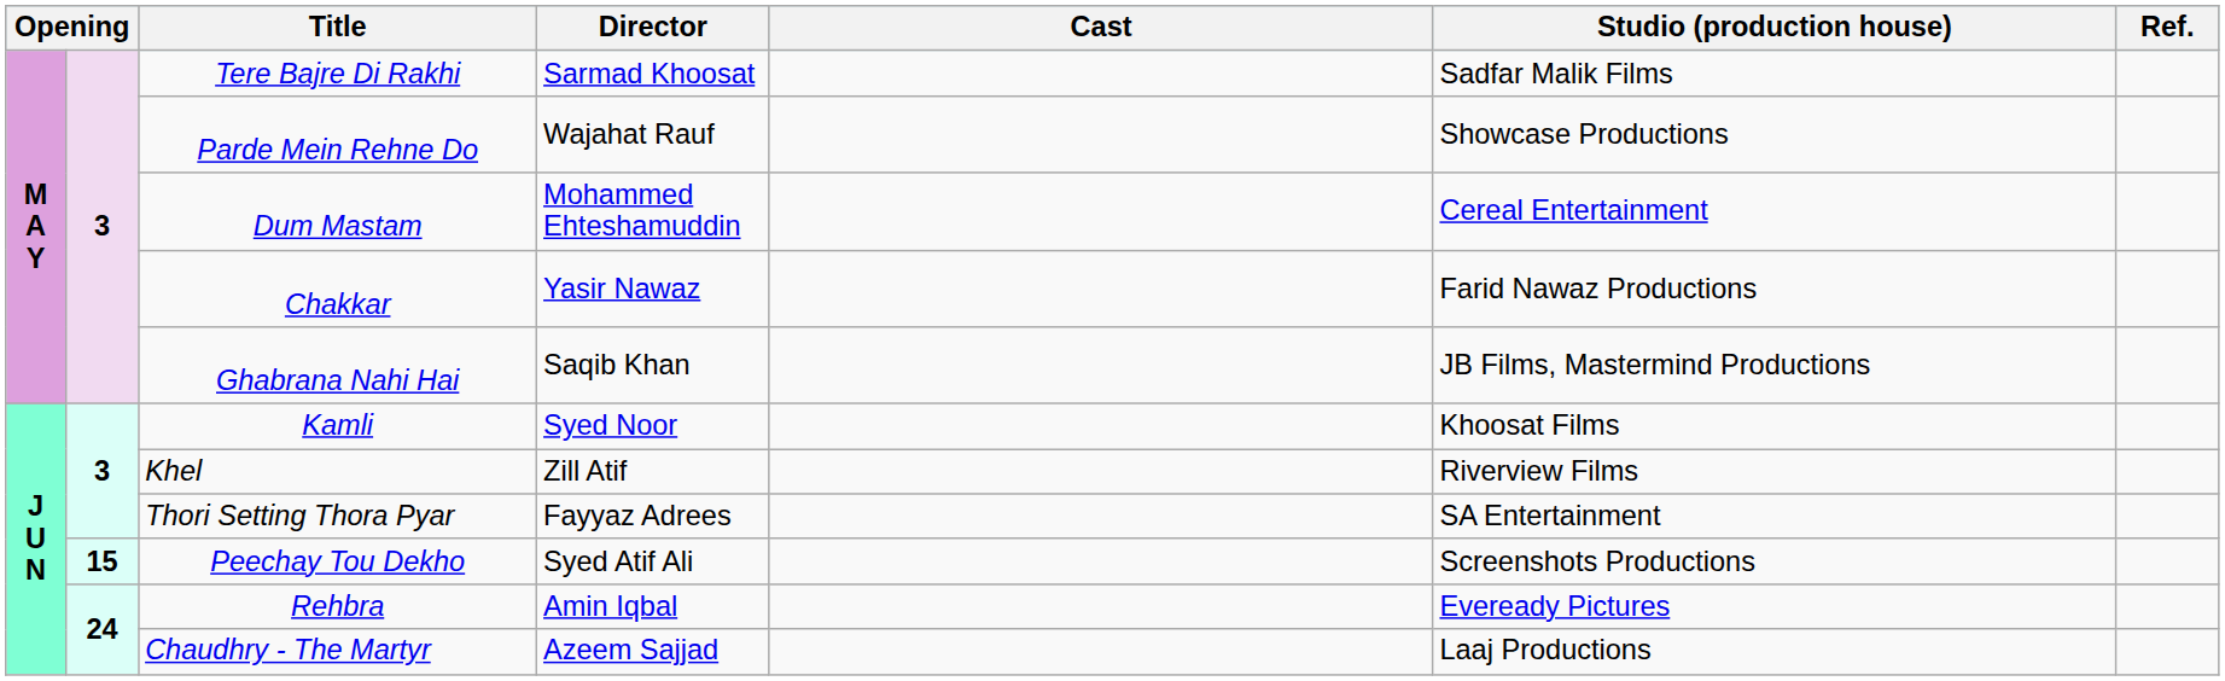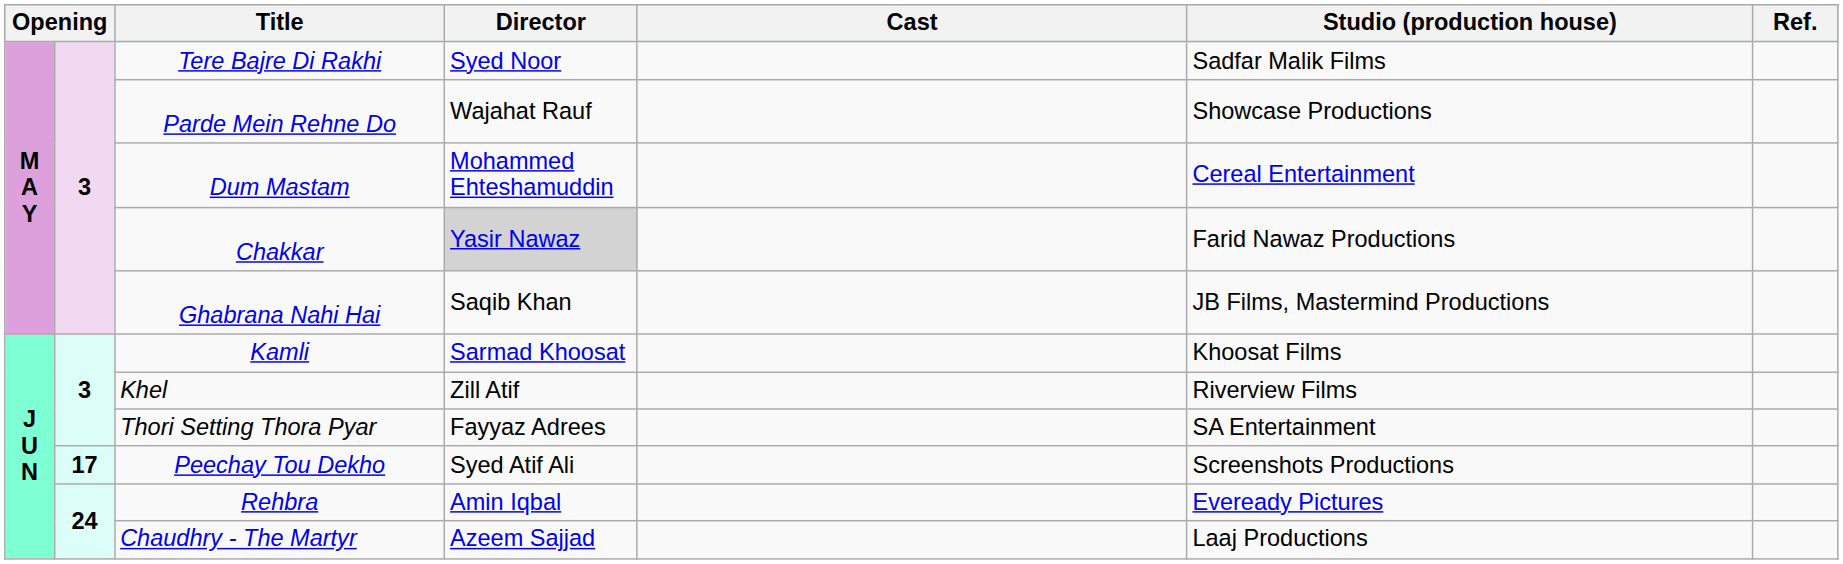 <table class="wikitable">
 <tr style="background:#b0e0e6; text-align:center;">
 <th colspan="2" style="width:6%;"><strong>Opening</strong></th>
 <th style="width:18%;"><strong>Title</strong></th>
 <th style="width:10.5%;"><strong>Director</strong></th>
 <th style="width:30%;"><strong>Cast</strong></th>
 <th>Studio (production house)</th>
 <th>Ref.</th>
 </tr>
 <tr May>
 <td rowspan="5" style="text-align:center; background:plum; textcolor:#000;"><strong>M<br>A<br>Y</strong></td>
 <td rowspan="5" style="text-align:center;background:#f1daf1;"><strong>3</strong></td>
 <td style="text-align:center;"><em><a href='#'>Tere Bajre Di Rakhi</a></em></td>
-<td><a href='#'>Sarmad Khoosat</a></td>
+<td><a href='#'>Syed Noor</a></td>
 <td></td>
 <td>Sadfar Malik Films</td>
 <td></td>
 </tr>
 <tr>
 <td style="text-align:center;"><br><em><a href='#'>Parde Mein Rehne Do</a></em></td>
 <td>Wajahat Rauf</td>
 <td></td>
 <td>Showcase Productions</td>
 <td></td>
 </tr>
 <tr>
 <td style="text-align:center;"><br><em><a href='#'>Dum Mastam</a></em></td>
 <td><a href='#'>Mohammed Ehteshamuddin</a></td>
 <td></td>
 <td><a href='#'>Cereal Entertainment</a></td>
 <td></td>
 </tr>
 <tr>
 <td style="text-align:center;"><br><em><a href='#'>Chakkar</a></em></td>
-<td><a href='#'>Yasir Nawaz</a></td>
+<td style="background: lightgrey;"><a href='#'>Yasir Nawaz</a></td>
 <td></td>
 <td>Farid Nawaz Productions</td>
 <td></td>
 </tr>
 <tr>
 <td style="text-align:center;"><br><em><a href='#'>Ghabrana Nahi Hai</a></em></td>
 <td>Saqib Khan</td>
 <td></td>
 <td>JB Films, Mastermind Productions</td>
 <td></td>
 </tr>
 <tr>
 <td rowspan="8" style="text-align:center; background:#7FFFD4; textcolor:#000;"><strong>J<br>U<br>N</strong></td>
 <td rowspan="3" style="text-align:center;background:#dbfff8;"><strong>3</strong></td>
 <td style="text-align:center;"><em><a href='#'>Kamli</a></em></td>
-<td><a href='#'>Syed Noor</a></td>
+<td><a href='#'>Sarmad Khoosat</a></td>
 <td></td>
 <td>Khoosat Films</td>
 <td></td>
 </tr>
 <tr>
 <td><em>Khel</em></td>
 <td>Zill Atif</td>
 <td></td>
 <td>Riverview Films</td>
 <td></td>
 </tr>
 <tr>
 <td><em>Thori Setting Thora Pyar</em></td>
 <td>Fayyaz Adrees</td>
 <td></td>
 <td>SA Entertainment</td>
 <td></td>
 </tr>
 <tr>
-<td rowspan="1" style="text-align:center;background:#dbfff8;"><strong>15</strong></td>
+<td rowspan="1" style="text-align:center;background:#dbfff8;"><strong>17</strong></td>
 <td style="text-align:center;"><em><a href='#'>Peechay Tou Dekho</a></em></td>
 <td>Syed Atif Ali</td>
 <td></td>
 <td>Screenshots Productions</td>
 <td></td>
 </tr>
 <tr>
 <td rowspan="2" style="text-align:center;background:#dbfff8;"><strong>24</strong></td>
 <td style="text-align:center;"><em><a href='#'>Rehbra</a></em></td>
 <td><a href='#'>Amin Iqbal</a></td>
 <td></td>
 <td><a href='#'>Eveready Pictures</a></td>
 <td></td>
 </tr>
 <tr>
 <td><em><a href='#'>Chaudhry - The Martyr</a></em></td>
 <td><a href='#'>Azeem Sajjad</a></td>
 <td></td>
 <td>Laaj Productions</td>
 <td><br></td>
 </tr>
 </table>
